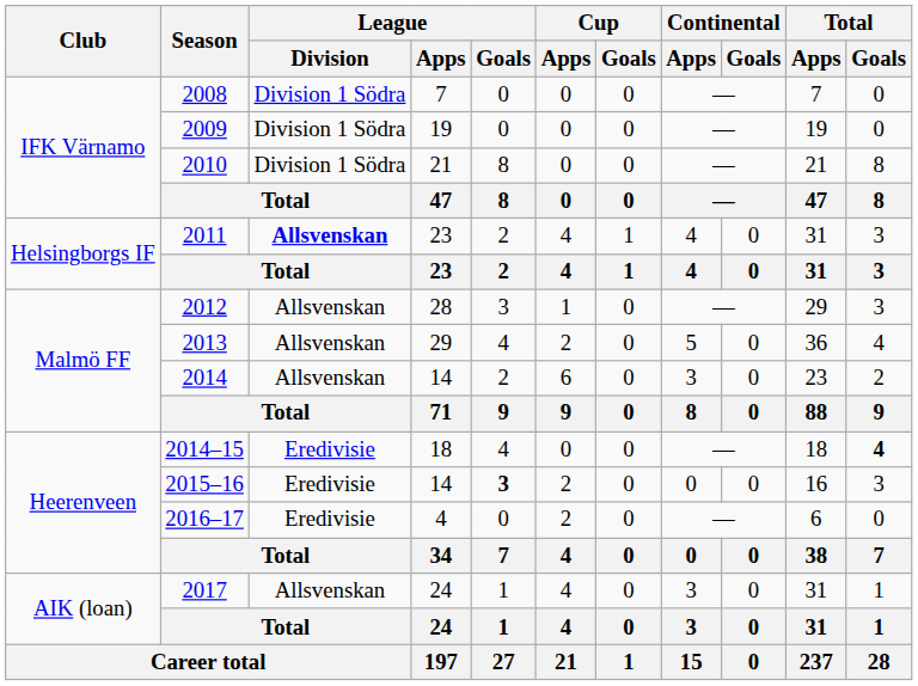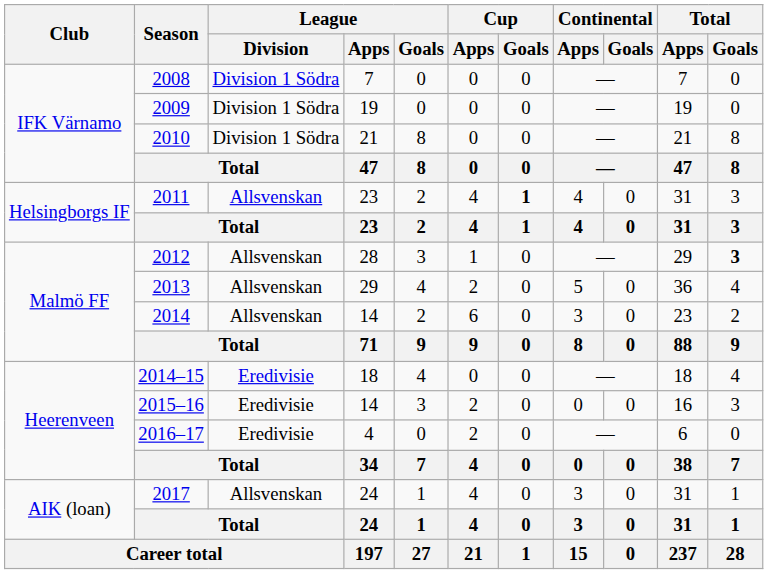 <table class="wikitable" style="text-align:center;">
 <tr>
 <th rowspan="2">Club</th>
 <th rowspan="2">Season</th>
 <th colspan="3">League</th>
 <th colspan="2">Cup</th>
 <th colspan="2">Continental</th>
 <th colspan="2">Total</th>
 </tr>
 <tr>
 <th>Division</th>
 <th>Apps</th>
 <th>Goals</th>
 <th>Apps</th>
 <th>Goals</th>
 <th>Apps</th>
 <th>Goals</th>
 <th>Apps</th>
 <th>Goals</th>
 </tr>
 <tr>
 <td rowspan="4"><a href='#'>IFK Värnamo</a></td>
 <td><a href='#'>2008</a></td>
 <td><a href='#'>Division 1 Södra</a></td>
 <td>7</td>
 <td>0</td>
 <td>0</td>
 <td>0</td>
 <td colspan="2">—</td>
 <td>7</td>
 <td>0</td>
 </tr>
 <tr>
 <td><a href='#'>2009</a></td>
 <td>Division 1 Södra</td>
 <td>19</td>
 <td>0</td>
 <td>0</td>
 <td>0</td>
 <td colspan="2">—</td>
 <td>19</td>
 <td>0</td>
 </tr>
 <tr>
 <td><a href='#'>2010</a></td>
 <td>Division 1 Södra</td>
 <td>21</td>
 <td>8</td>
 <td>0</td>
 <td>0</td>
 <td colspan="2">—</td>
 <td>21</td>
 <td>8</td>
 </tr>
 <tr>
 <th colspan="2">Total</th>
 <th>47</th>
 <th>8</th>
 <th>0</th>
 <th>0</th>
 <th colspan="2">—</th>
 <th>47</th>
 <th>8</th>
 </tr>
 <tr>
 <td rowspan="2"><a href='#'>Helsingborgs IF</a></td>
 <td><a href='#'>2011</a></td>
-<td><strong><a href='#'>Allsvenskan</a></strong></td>
+<td><a href='#'>Allsvenskan</a></td>
 <td>23</td>
 <td>2</td>
 <td>4</td>
-<td>1</td>
+<td><strong>1</strong></td>
 <td>4</td>
 <td>0</td>
 <td>31</td>
 <td>3</td>
 </tr>
 <tr>
 <th colspan="2">Total</th>
 <th>23</th>
 <th>2</th>
 <th>4</th>
 <th>1</th>
 <th>4</th>
 <th>0</th>
 <th>31</th>
 <th>3</th>
 </tr>
 <tr>
 <td rowspan="4"><a href='#'>Malmö FF</a></td>
 <td><a href='#'>2012</a></td>
 <td>Allsvenskan</td>
 <td>28</td>
 <td>3</td>
 <td>1</td>
 <td>0</td>
 <td colspan="2">—</td>
 <td>29</td>
-<td>3</td>
+<td><strong>3</strong></td>
 </tr>
 <tr>
 <td><a href='#'>2013</a></td>
 <td>Allsvenskan</td>
 <td>29</td>
 <td>4</td>
 <td>2</td>
 <td>0</td>
 <td>5</td>
 <td>0</td>
 <td>36</td>
 <td>4</td>
 </tr>
 <tr>
 <td><a href='#'>2014</a></td>
 <td>Allsvenskan</td>
 <td>14</td>
 <td>2</td>
 <td>6</td>
 <td>0</td>
 <td>3</td>
 <td>0</td>
 <td>23</td>
 <td>2</td>
 </tr>
 <tr>
 <th colspan="2">Total</th>
 <th>71</th>
 <th>9</th>
 <th>9</th>
 <th>0</th>
 <th>8</th>
 <th>0</th>
 <th>88</th>
 <th>9</th>
 </tr>
 <tr>
 <td rowspan="4"><a href='#'>Heerenveen</a></td>
 <td><a href='#'>2014–15</a></td>
 <td><a href='#'>Eredivisie</a></td>
 <td>18</td>
 <td>4</td>
 <td>0</td>
 <td>0</td>
 <td colspan="2">—</td>
 <td>18</td>
-<td><strong>4</strong></td>
+<td>4</td>
 </tr>
 <tr>
 <td><a href='#'>2015–16</a></td>
 <td>Eredivisie</td>
 <td>14</td>
-<td><strong>3</strong></td>
+<td>3</td>
 <td>2</td>
 <td>0</td>
 <td>0</td>
 <td>0</td>
 <td>16</td>
 <td>3</td>
 </tr>
 <tr>
 <td><a href='#'>2016–17</a></td>
 <td>Eredivisie</td>
 <td>4</td>
 <td>0</td>
 <td>2</td>
 <td>0</td>
 <td colspan="2">—</td>
 <td>6</td>
 <td>0</td>
 </tr>
 <tr>
 <th colspan="2">Total</th>
 <th>34</th>
 <th>7</th>
 <th>4</th>
 <th>0</th>
 <th>0</th>
 <th>0</th>
 <th>38</th>
 <th>7</th>
 </tr>
 <tr>
 <td rowspan="2"><a href='#'>AIK</a> (loan)</td>
 <td><a href='#'>2017</a></td>
 <td>Allsvenskan</td>
 <td>24</td>
 <td>1</td>
 <td>4</td>
 <td>0</td>
 <td>3</td>
 <td>0</td>
 <td>31</td>
 <td>1</td>
 </tr>
 <tr>
 <th colspan="2">Total</th>
 <th>24</th>
 <th>1</th>
 <th>4</th>
 <th>0</th>
 <th>3</th>
 <th>0</th>
 <th>31</th>
 <th>1</th>
 </tr>
 <tr>
 <th colspan="3">Career total</th>
 <th>197</th>
 <th>27</th>
 <th>21</th>
 <th>1</th>
 <th>15</th>
 <th>0</th>
 <th>237</th>
 <th>28</th>
 </tr>
 </table>
